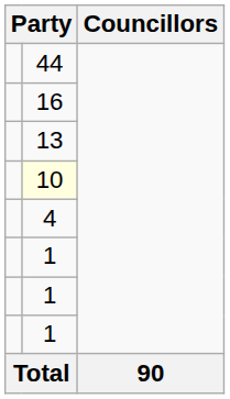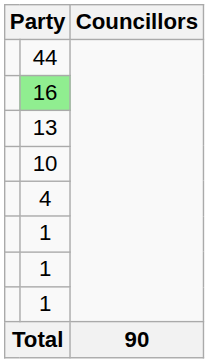 <table class="wikitable">
 <tr>
 <th colspan=2>Party</th>
 <th>Councillors</th>
 </tr>
 <tr>
 <td></td>
 <td align=center>44</td>
 </tr>
 <tr>
 <td></td>
-<td align=center>16</td>
+<td align=center style="background: lightgreen;">16</td>
 </tr>
 <tr>
 <td></td>
 <td align=center>13</td>
 </tr>
 <tr>
 <td></td>
-<td align=center style="background: lightyellow;">10</td>
+<td align=center>10</td>
 </tr>
 <tr>
 <td></td>
 <td align=center>4</td>
 </tr>
 <tr>
 <td></td>
 <td align=center>1</td>
 </tr>
 <tr>
 <td></td>
 <td align=center>1</td>
 </tr>
 <tr>
 <td></td>
 <td align=center>1</td>
 </tr>
 <tr>
 <th colspan=2>Total</th>
 <th align=center>90</th>
 </tr>
 </table>
